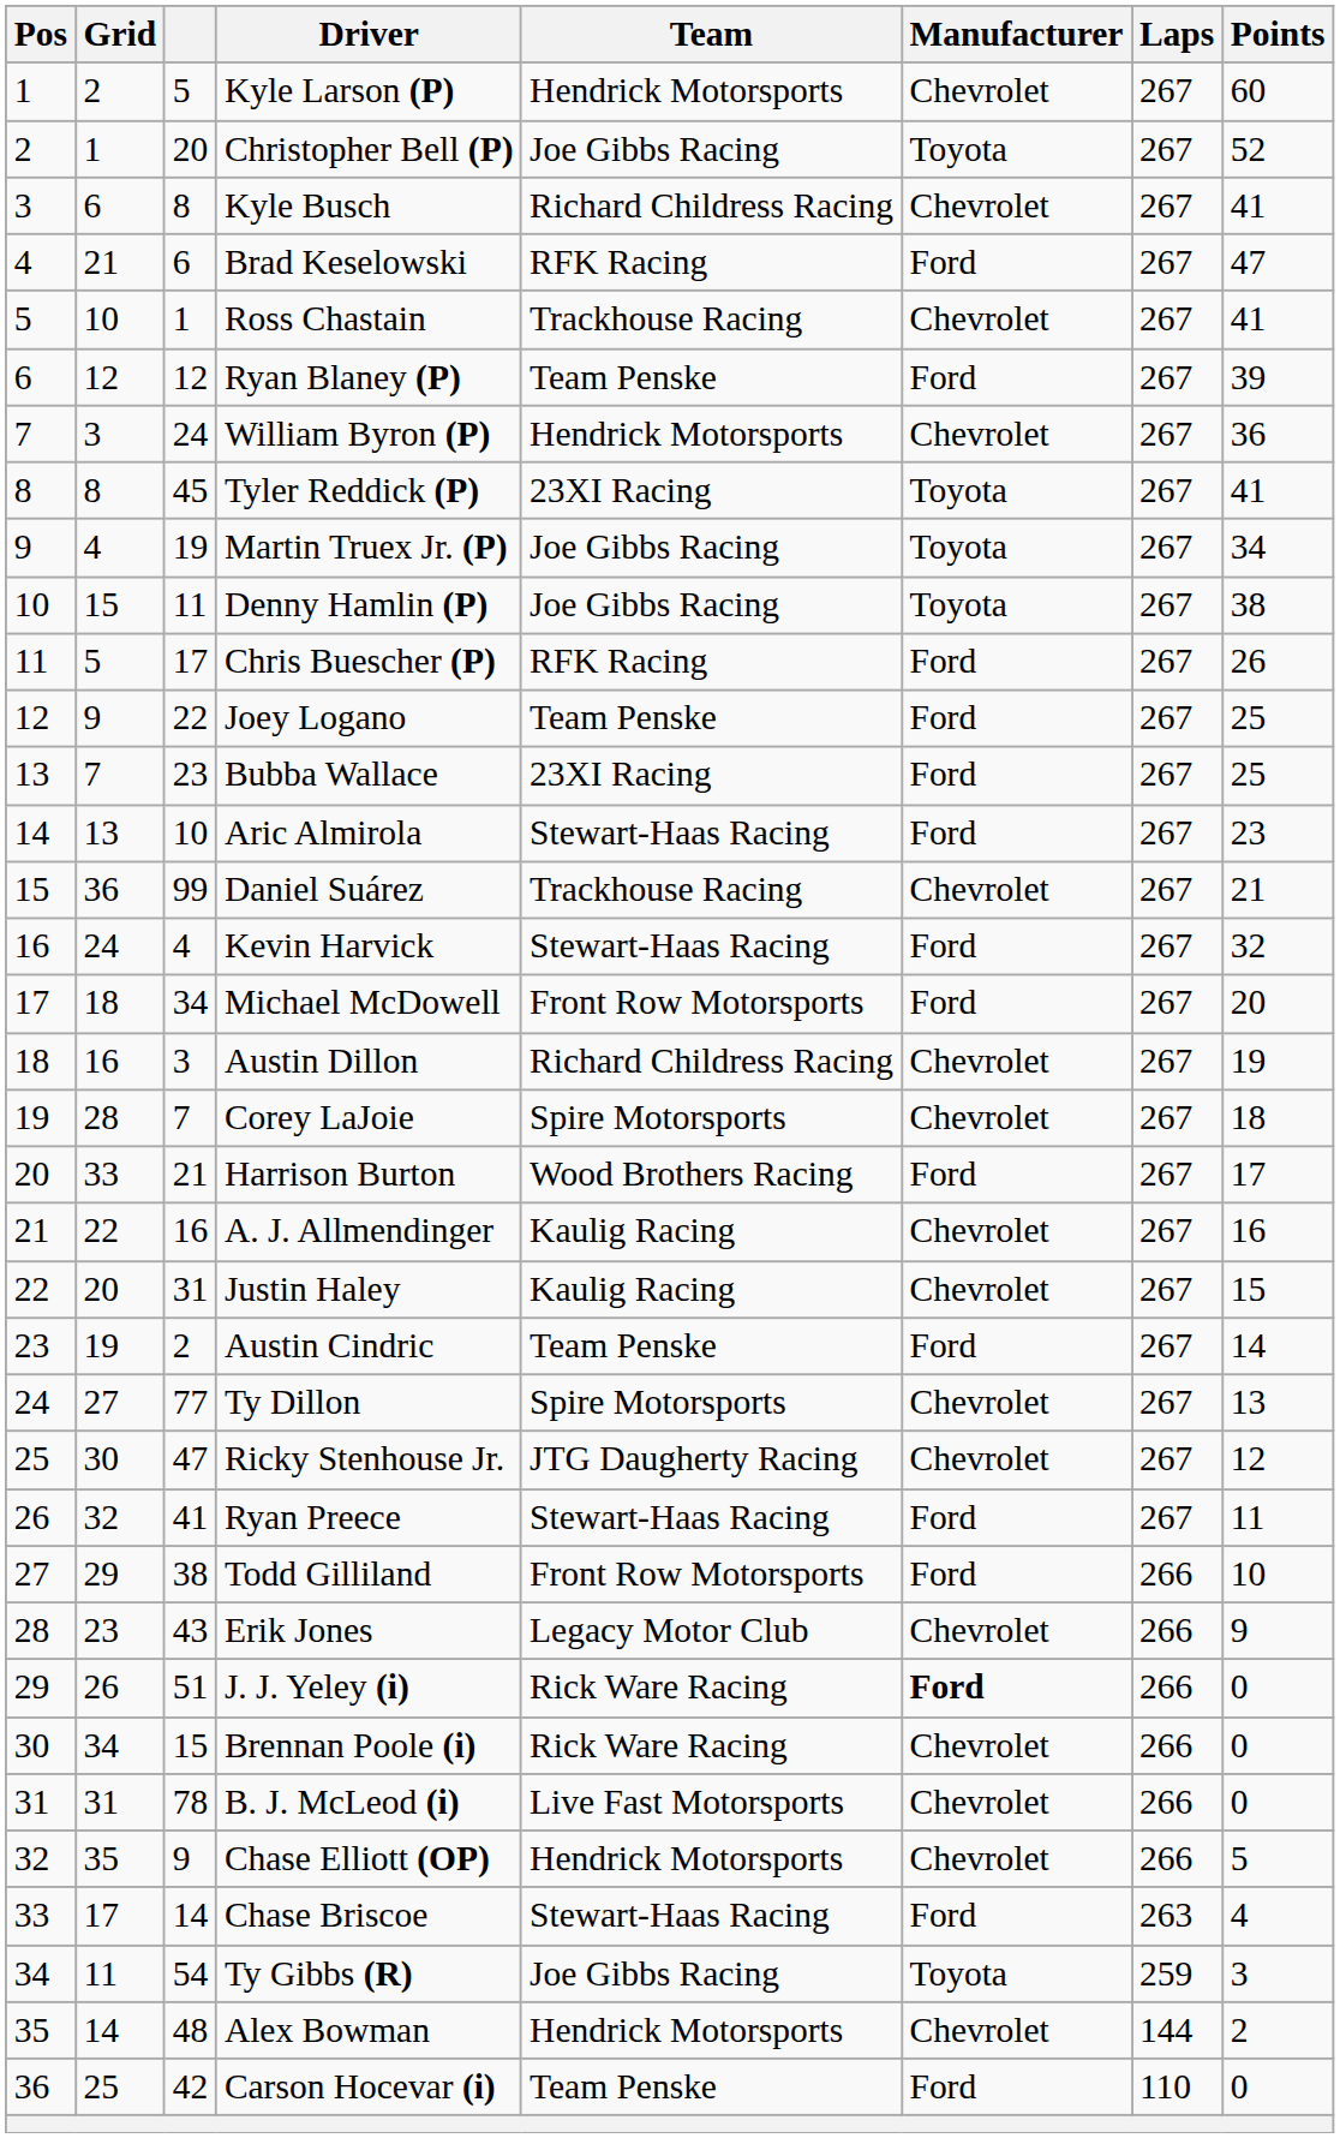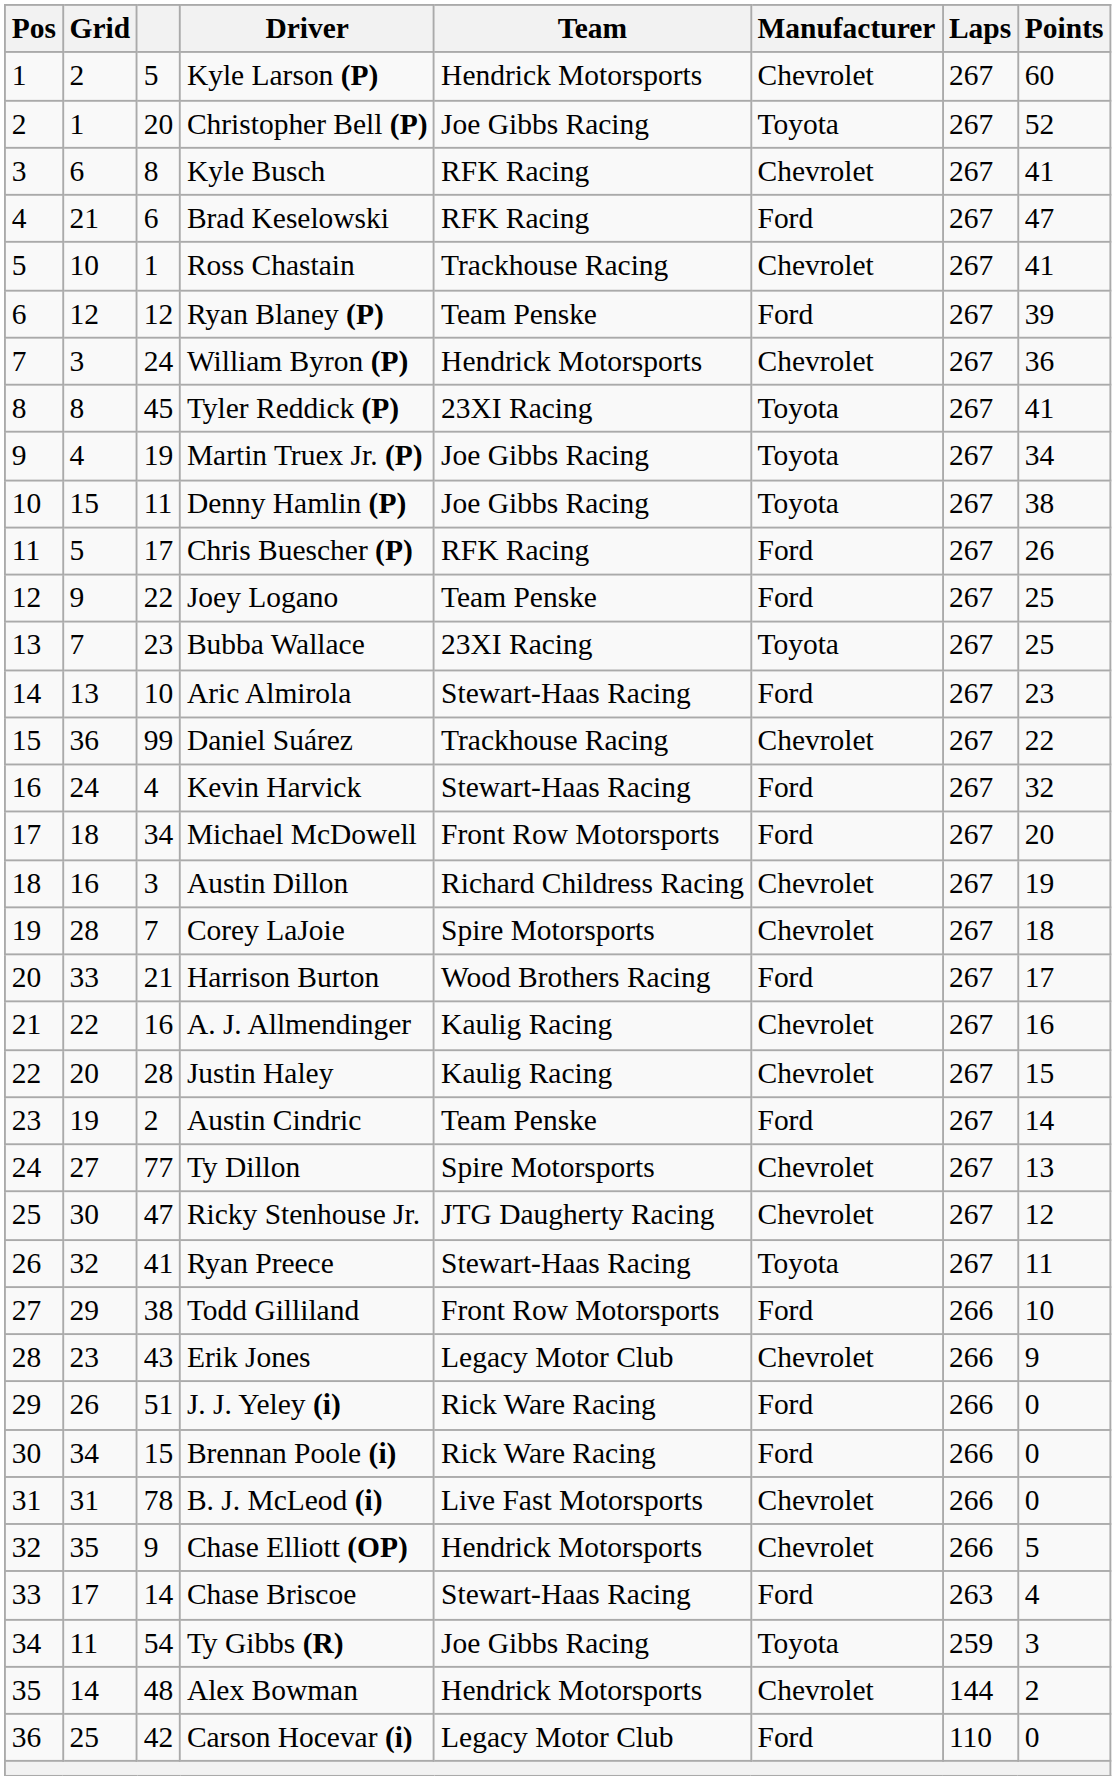 <table class="wikitable" style="font-size:98%">
 <tr>
 <th>Pos</th>
 <th>Grid</th>
 <th></th>
 <th>Driver</th>
 <th>Team</th>
 <th>Manufacturer</th>
 <th>Laps</th>
 <th>Points</th>
 </tr>
 <tr>
 <td>1</td>
 <td>2</td>
 <td>5</td>
 <td>Kyle Larson <strong>(P)</strong></td>
 <td>Hendrick Motorsports</td>
 <td>Chevrolet</td>
 <td>267</td>
 <td>60</td>
 </tr>
 <tr>
 <td>2</td>
 <td>1</td>
 <td>20</td>
 <td>Christopher Bell <strong>(P)</strong></td>
 <td>Joe Gibbs Racing</td>
 <td>Toyota</td>
 <td>267</td>
 <td>52</td>
 </tr>
 <tr>
 <td>3</td>
 <td>6</td>
 <td>8</td>
 <td>Kyle Busch</td>
-<td>Richard Childress Racing</td>
+<td>RFK Racing</td>
 <td>Chevrolet</td>
 <td>267</td>
 <td>41</td>
 </tr>
 <tr>
 <td>4</td>
 <td>21</td>
 <td>6</td>
 <td>Brad Keselowski</td>
 <td>RFK Racing</td>
 <td>Ford</td>
 <td>267</td>
 <td>47</td>
 </tr>
 <tr>
 <td>5</td>
 <td>10</td>
 <td>1</td>
 <td>Ross Chastain</td>
 <td>Trackhouse Racing</td>
 <td>Chevrolet</td>
 <td>267</td>
 <td>41</td>
 </tr>
 <tr>
 <td>6</td>
 <td>12</td>
 <td>12</td>
 <td>Ryan Blaney <strong>(P)</strong></td>
 <td>Team Penske</td>
 <td>Ford</td>
 <td>267</td>
 <td>39</td>
 </tr>
 <tr>
 <td>7</td>
 <td>3</td>
 <td>24</td>
 <td>William Byron <strong>(P)</strong></td>
 <td>Hendrick Motorsports</td>
 <td>Chevrolet</td>
 <td>267</td>
 <td>36</td>
 </tr>
 <tr>
 <td>8</td>
 <td>8</td>
 <td>45</td>
 <td>Tyler Reddick <strong>(P)</strong></td>
 <td>23XI Racing</td>
 <td>Toyota</td>
 <td>267</td>
 <td>41</td>
 </tr>
 <tr>
 <td>9</td>
 <td>4</td>
 <td>19</td>
 <td>Martin Truex Jr. <strong>(P)</strong></td>
 <td>Joe Gibbs Racing</td>
 <td>Toyota</td>
 <td>267</td>
 <td>34</td>
 </tr>
 <tr>
 <td>10</td>
 <td>15</td>
 <td>11</td>
 <td>Denny Hamlin <strong>(P)</strong></td>
 <td>Joe Gibbs Racing</td>
 <td>Toyota</td>
 <td>267</td>
 <td>38</td>
 </tr>
 <tr>
 <td>11</td>
 <td>5</td>
 <td>17</td>
 <td>Chris Buescher <strong>(P)</strong></td>
 <td>RFK Racing</td>
 <td>Ford</td>
 <td>267</td>
 <td>26</td>
 </tr>
 <tr>
 <td>12</td>
 <td>9</td>
 <td>22</td>
 <td>Joey Logano</td>
 <td>Team Penske</td>
 <td>Ford</td>
 <td>267</td>
 <td>25</td>
 </tr>
 <tr>
 <td>13</td>
 <td>7</td>
 <td>23</td>
 <td>Bubba Wallace</td>
 <td>23XI Racing</td>
-<td>Ford</td>
+<td>Toyota</td>
 <td>267</td>
 <td>25</td>
 </tr>
 <tr>
 <td>14</td>
 <td>13</td>
 <td>10</td>
 <td>Aric Almirola</td>
 <td>Stewart-Haas Racing</td>
 <td>Ford</td>
 <td>267</td>
 <td>23</td>
 </tr>
 <tr>
 <td>15</td>
 <td>36</td>
 <td>99</td>
 <td>Daniel Suárez</td>
 <td>Trackhouse Racing</td>
 <td>Chevrolet</td>
 <td>267</td>
-<td>21</td>
+<td>22</td>
 </tr>
 <tr>
 <td>16</td>
 <td>24</td>
 <td>4</td>
 <td>Kevin Harvick</td>
 <td>Stewart-Haas Racing</td>
 <td>Ford</td>
 <td>267</td>
 <td>32</td>
 </tr>
 <tr>
 <td>17</td>
 <td>18</td>
 <td>34</td>
 <td>Michael McDowell</td>
 <td>Front Row Motorsports</td>
 <td>Ford</td>
 <td>267</td>
 <td>20</td>
 </tr>
 <tr>
 <td>18</td>
 <td>16</td>
 <td>3</td>
 <td>Austin Dillon</td>
 <td>Richard Childress Racing</td>
 <td>Chevrolet</td>
 <td>267</td>
 <td>19</td>
 </tr>
 <tr>
 <td>19</td>
 <td>28</td>
 <td>7</td>
 <td>Corey LaJoie</td>
 <td>Spire Motorsports</td>
 <td>Chevrolet</td>
 <td>267</td>
 <td>18</td>
 </tr>
 <tr>
 <td>20</td>
 <td>33</td>
 <td>21</td>
 <td>Harrison Burton</td>
 <td>Wood Brothers Racing</td>
 <td>Ford</td>
 <td>267</td>
 <td>17</td>
 </tr>
 <tr>
 <td>21</td>
 <td>22</td>
 <td>16</td>
 <td>A. J. Allmendinger</td>
 <td>Kaulig Racing</td>
 <td>Chevrolet</td>
 <td>267</td>
 <td>16</td>
 </tr>
 <tr>
 <td>22</td>
 <td>20</td>
-<td>31</td>
+<td>28</td>
 <td>Justin Haley</td>
 <td>Kaulig Racing</td>
 <td>Chevrolet</td>
 <td>267</td>
 <td>15</td>
 </tr>
 <tr>
 <td>23</td>
 <td>19</td>
 <td>2</td>
 <td>Austin Cindric</td>
 <td>Team Penske</td>
 <td>Ford</td>
 <td>267</td>
 <td>14</td>
 </tr>
 <tr>
 <td>24</td>
 <td>27</td>
 <td>77</td>
 <td>Ty Dillon</td>
 <td>Spire Motorsports</td>
 <td>Chevrolet</td>
 <td>267</td>
 <td>13</td>
 </tr>
 <tr>
 <td>25</td>
 <td>30</td>
 <td>47</td>
 <td>Ricky Stenhouse Jr.</td>
 <td>JTG Daugherty Racing</td>
 <td>Chevrolet</td>
 <td>267</td>
 <td>12</td>
 </tr>
 <tr>
 <td>26</td>
 <td>32</td>
 <td>41</td>
 <td>Ryan Preece</td>
 <td>Stewart-Haas Racing</td>
-<td>Ford</td>
+<td>Toyota</td>
 <td>267</td>
 <td>11</td>
 </tr>
 <tr>
 <td>27</td>
 <td>29</td>
 <td>38</td>
 <td>Todd Gilliland</td>
 <td>Front Row Motorsports</td>
 <td>Ford</td>
 <td>266</td>
 <td>10</td>
 </tr>
 <tr>
 <td>28</td>
 <td>23</td>
 <td>43</td>
 <td>Erik Jones</td>
 <td>Legacy Motor Club</td>
 <td>Chevrolet</td>
 <td>266</td>
 <td>9</td>
 </tr>
 <tr>
 <td>29</td>
 <td>26</td>
 <td>51</td>
 <td>J. J. Yeley <strong>(i)</strong></td>
 <td>Rick Ware Racing</td>
-<td><strong>Ford</strong></td>
+<td>Ford</td>
 <td>266</td>
 <td>0</td>
 </tr>
 <tr>
 <td>30</td>
 <td>34</td>
 <td>15</td>
 <td>Brennan Poole <strong>(i)</strong></td>
 <td>Rick Ware Racing</td>
-<td>Chevrolet</td>
+<td>Ford</td>
 <td>266</td>
 <td>0</td>
 </tr>
 <tr>
 <td>31</td>
 <td>31</td>
 <td>78</td>
 <td>B. J. McLeod <strong>(i)</strong></td>
 <td>Live Fast Motorsports</td>
 <td>Chevrolet</td>
 <td>266</td>
 <td>0</td>
 </tr>
 <tr>
 <td>32</td>
 <td>35</td>
 <td>9</td>
 <td>Chase Elliott <strong>(OP)</strong></td>
 <td>Hendrick Motorsports</td>
 <td>Chevrolet</td>
 <td>266</td>
 <td>5</td>
 </tr>
 <tr>
 <td>33</td>
 <td>17</td>
 <td>14</td>
 <td>Chase Briscoe</td>
 <td>Stewart-Haas Racing</td>
 <td>Ford</td>
 <td>263</td>
 <td>4</td>
 </tr>
 <tr>
 <td>34</td>
 <td>11</td>
 <td>54</td>
 <td>Ty Gibbs <strong>(R)</strong></td>
 <td>Joe Gibbs Racing</td>
 <td>Toyota</td>
 <td>259</td>
 <td>3</td>
 </tr>
 <tr>
 <td>35</td>
 <td>14</td>
 <td>48</td>
 <td>Alex Bowman</td>
 <td>Hendrick Motorsports</td>
 <td>Chevrolet</td>
 <td>144</td>
 <td>2</td>
 </tr>
 <tr>
 <td>36</td>
 <td>25</td>
 <td>42</td>
 <td>Carson Hocevar <strong>(i)</strong></td>
-<td>Team Penske</td>
+<td>Legacy Motor Club</td>
 <td>Ford</td>
 <td>110</td>
 <td>0</td>
 </tr>
 <tr>
 <th colspan="8"></th>
 </tr>
 </table>
